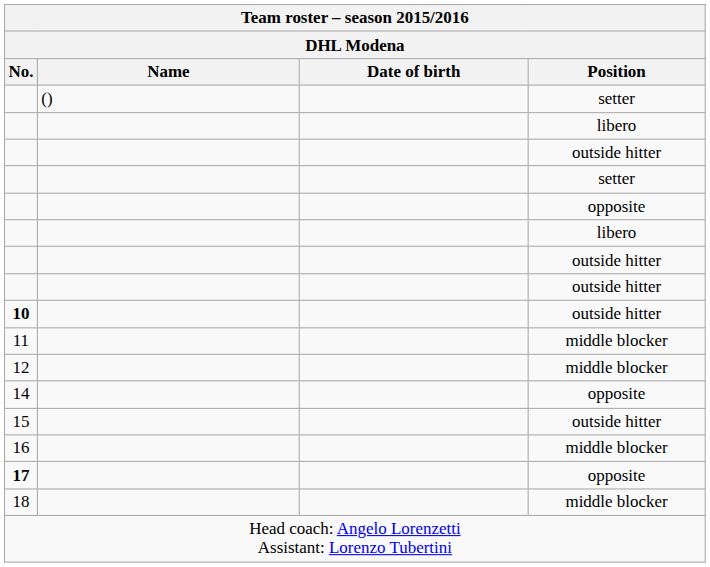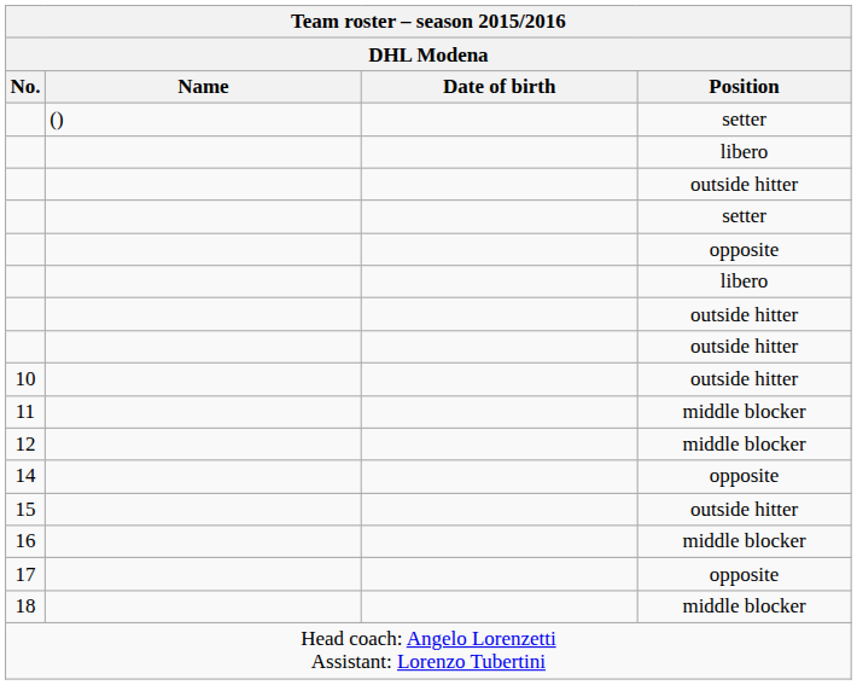 <table class="wikitable collapsible collapsed sortable" style="font-size:100%; text-align:center;">
 <tr>
 <th colspan=6>Team roster – season 2015/2016</th>
 </tr>
 <tr>
 <th colspan=6>DHL Modena</th>
 </tr>
 <tr>
 <th>No.</th>
 <th style="width:15em">Name</th>
 <th style="width:13em">Date of birth</th>
 <th style="width:10em">Position</th>
 </tr>
 <tr>
 <td></td>
 <td align=left>  ()</td>
 <td align=right></td>
 <td>setter</td>
 </tr>
 <tr>
 <td></td>
 <td align=left> </td>
 <td align=right></td>
 <td>libero</td>
 </tr>
 <tr>
 <td></td>
 <td align=left> </td>
 <td align=right></td>
 <td>outside hitter</td>
 </tr>
 <tr>
 <td></td>
 <td align=left> </td>
 <td align=right></td>
 <td>setter</td>
 </tr>
 <tr>
 <td></td>
 <td align=left> </td>
 <td align=right></td>
 <td>opposite</td>
 </tr>
 <tr>
 <td></td>
 <td align=left> </td>
 <td align=right></td>
 <td>libero</td>
 </tr>
 <tr>
 <td></td>
 <td align=left> </td>
 <td align=right></td>
 <td>outside hitter</td>
 </tr>
 <tr>
 <td></td>
 <td align=left> </td>
 <td align=right></td>
 <td>outside hitter</td>
 </tr>
 <tr>
-<td><strong>10</strong></td>
+<td>10</td>
 <td align=left> </td>
 <td align=right></td>
 <td>outside hitter</td>
 </tr>
 <tr>
 <td>11</td>
 <td align=left> </td>
 <td align=right></td>
 <td>middle blocker</td>
 </tr>
 <tr>
 <td>12</td>
 <td align=left> </td>
 <td align=right></td>
 <td>middle blocker</td>
 </tr>
 <tr>
 <td>14</td>
 <td align=left> </td>
 <td align=right></td>
 <td>opposite</td>
 </tr>
 <tr>
 <td>15</td>
 <td align=left> </td>
 <td align=right></td>
 <td>outside hitter</td>
 </tr>
 <tr>
 <td>16</td>
 <td align=left> </td>
 <td align=right></td>
 <td>middle blocker</td>
 </tr>
 <tr>
-<td><strong>17</strong></td>
+<td>17</td>
 <td align=left> </td>
 <td align=right></td>
 <td>opposite</td>
 </tr>
 <tr>
 <td>18</td>
 <td align=left> </td>
 <td align=right></td>
 <td>middle blocker</td>
 </tr>
 <tr>
 <td colspan=4>Head coach: <a href='#'>Angelo Lorenzetti</a><br>Assistant: <a href='#'>Lorenzo Tubertini</a></td>
 </tr>
 </table>
